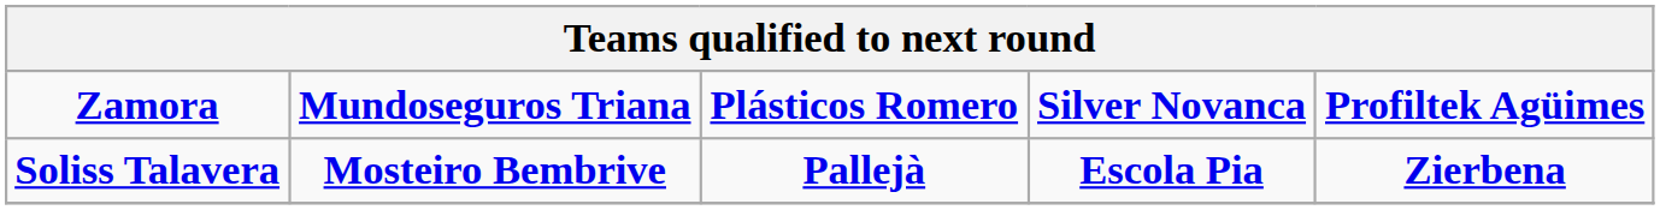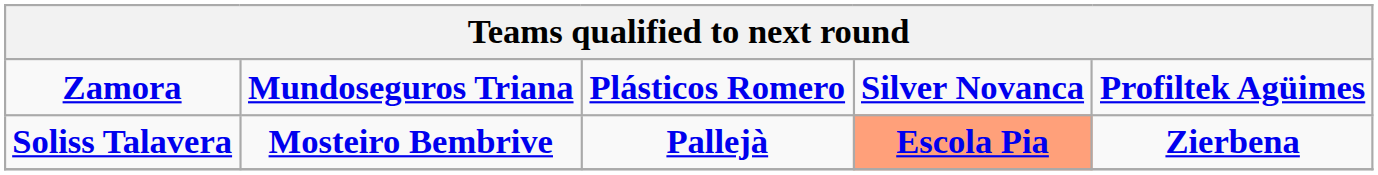 <table class="wikitable" style="text-align: center; margin: 0 auto;">
 <tr>
 <th colspan=5>Teams qualified to next round</th>
 </tr>
 <tr>
 <td><strong><a href='#'>Zamora</a></strong></td>
 <td><strong><a href='#'>Mundoseguros Triana</a></strong></td>
 <td><strong><a href='#'>Plásticos Romero</a></strong></td>
 <td><strong><a href='#'>Silver Novanca</a></strong></td>
 <td><strong><a href='#'>Profiltek Agüimes</a></strong></td>
 </tr>
 <tr>
 <td><strong><a href='#'>Soliss Talavera</a></strong></td>
 <td><strong><a href='#'>Mosteiro Bembrive</a></strong></td>
 <td><strong><a href='#'>Pallejà</a></strong></td>
-<td><strong><a href='#'>Escola Pia</a></strong></td>
+<td style="background: lightsalmon;"><strong><a href='#'>Escola Pia</a></strong></td>
 <td><strong><a href='#'>Zierbena</a></strong></td>
 </tr>
 <tr>
 </tr>
 </table>
